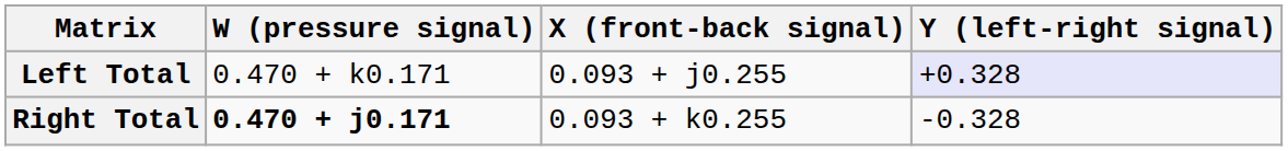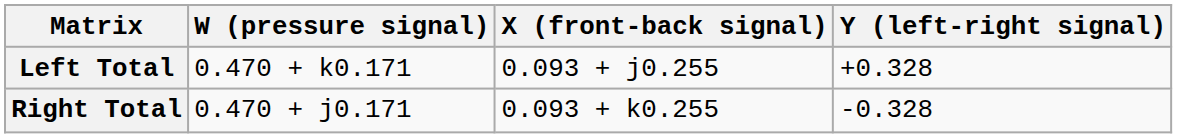 <table class="wikitable">
 <tr>
 <th>Matrix</th>
 <th>W (pressure signal)</th>
 <th>X (front-back signal)</th>
 <th>Y (left-right signal)</th>
 </tr>
 <tr>
 <th>Left Total</th>
 <td>0.470 + k0.171</td>
 <td>0.093 + j0.255</td>
-<td style="background: lavender;">+0.328</td>
+<td>+0.328</td>
 </tr>
 <tr>
 <th>Right Total</th>
-<td><strong>0.470 + j0.171</strong></td>
+<td>0.470 + j0.171</td>
 <td>0.093 + k0.255</td>
 <td>-0.328</td>
 </tr>
 </table>
